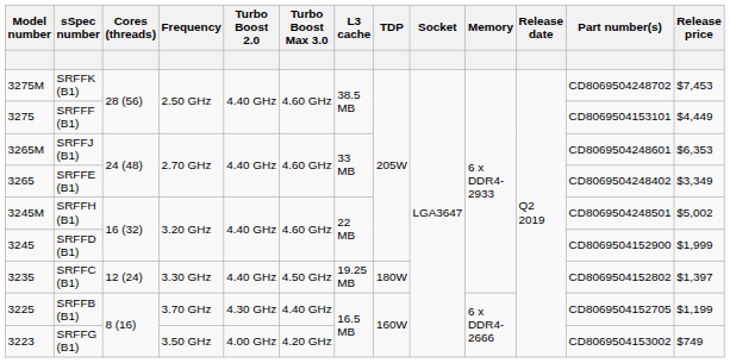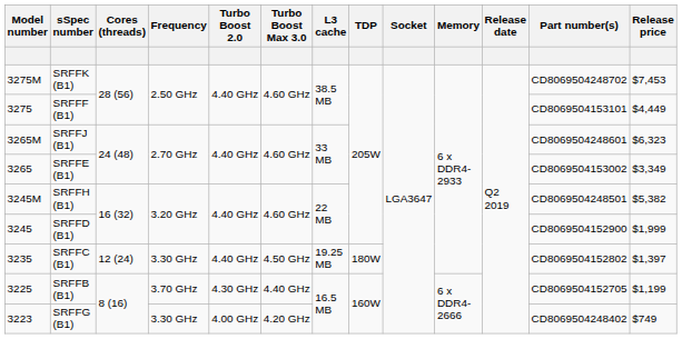 <table class="wikitable sortable hover-highlight">
 <tr>
 <th>Model number</th>
 <th>sSpec number</th>
 <th>Cores (threads)</th>
 <th>Frequency</th>
 <th>Turbo Boost 2.0</th>
 <th>Turbo Boost Max 3.0</th>
 <th>L3 cache</th>
 <th>TDP</th>
 <th>Socket</th>
 <th>Memory</th>
 <th>Release date</th>
 <th>Part number(s)</th>
 <th>Release price</th>
 </tr>
 <tr>
 <th style="background-position:center"><br></th>
 <th style="background-position:center"></th>
 <th style="background-position:center"></th>
 <th style="background-position:center"></th>
 <th style="background-position:center"></th>
 <th style="background-position:center"></th>
 <th style="background-position:center"></th>
 <th style="background-position:center"></th>
 <th style="background-position:center"></th>
 <th style="background-position:center"></th>
 <th style="background-position:center"></th>
 <th style="background-position:center"></th>
 <th style="background-position:center"></th>
 </tr>
 <tr>
 <td>3275M</td>
 <td>SRFFK (B1)</td>
 <td rowspan="2">28 (56)</td>
 <td rowspan="2">2.50 GHz</td>
 <td rowspan="2">4.40 GHz</td>
 <td rowspan="2">4.60 GHz</td>
 <td rowspan="2">38.5 MB</td>
 <td rowspan="6">205W</td>
 <td rowspan="9">LGA3647</td>
 <td rowspan="7">6 x DDR4-2933</td>
 <td rowspan="9">Q2 2019</td>
 <td>CD8069504248702</td>
 <td>$7,453</td>
 </tr>
 <tr>
 <td>3275</td>
 <td>SRFFF (B1)</td>
 <td>CD8069504153101</td>
 <td>$4,449</td>
 </tr>
 <tr>
 <td>3265M</td>
 <td>SRFFJ (B1)</td>
 <td rowspan="2">24 (48)</td>
 <td rowspan="2">2.70 GHz</td>
 <td rowspan="2">4.40 GHz</td>
 <td rowspan="2">4.60 GHz</td>
 <td rowspan="2">33 MB</td>
 <td>CD8069504248601</td>
-<td>$6,353</td>
+<td>$6,323</td>
 </tr>
 <tr>
 <td>3265</td>
 <td>SRFFE (B1)</td>
-<td>CD8069504248402</td>
+<td>CD8069504153002</td>
 <td>$3,349</td>
 </tr>
 <tr>
 <td>3245M</td>
 <td>SRFFH (B1)</td>
 <td rowspan="2">16 (32)</td>
 <td rowspan="2">3.20 GHz</td>
 <td rowspan="2">4.40 GHz</td>
 <td rowspan="2">4.60 GHz</td>
 <td rowspan="2">22 MB</td>
 <td>CD8069504248501</td>
-<td>$5,002</td>
+<td>$5,382</td>
 </tr>
 <tr>
 <td>3245</td>
 <td>SRFFD (B1)</td>
 <td>CD8069504152900</td>
 <td>$1,999</td>
 </tr>
 <tr>
 <td>3235</td>
 <td>SRFFC (B1)</td>
 <td>12 (24)</td>
 <td>3.30 GHz</td>
 <td>4.40 GHz</td>
 <td>4.50 GHz</td>
 <td>19.25 MB</td>
 <td>180W</td>
 <td>CD8069504152802</td>
 <td>$1,397</td>
 </tr>
 <tr>
 <td>3225</td>
 <td>SRFFB (B1)</td>
 <td rowspan="2">8 (16)</td>
 <td>3.70 GHz</td>
 <td>4.30 GHz</td>
 <td>4.40 GHz</td>
 <td rowspan="2">16.5 MB</td>
 <td rowspan="2">160W</td>
 <td rowspan="2">6 x DDR4-2666</td>
 <td>CD8069504152705</td>
 <td>$1,199</td>
 </tr>
 <tr>
 <td>3223</td>
 <td>SRFFG (B1)</td>
-<td>3.50 GHz</td>
+<td>3.30 GHz</td>
 <td>4.00 GHz</td>
 <td>4.20 GHz</td>
-<td>CD8069504153002</td>
+<td>CD8069504248402</td>
 <td>$749</td>
 </tr>
 </table>
